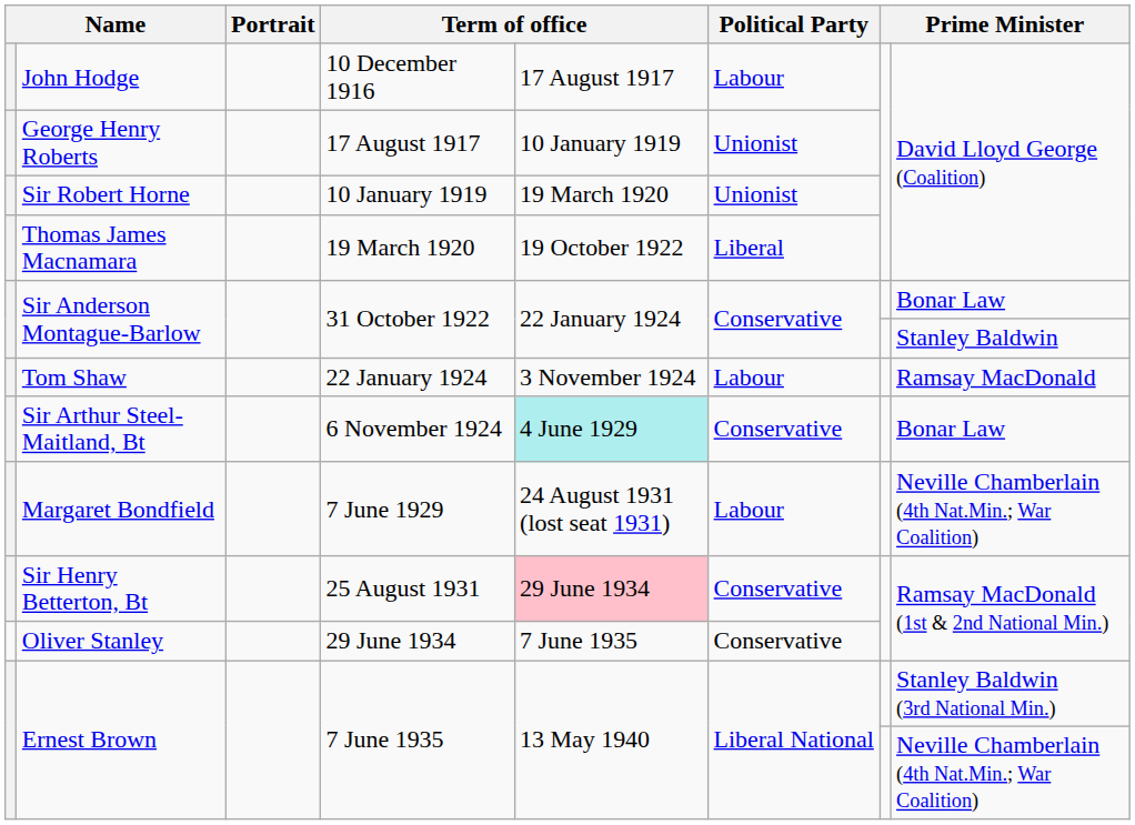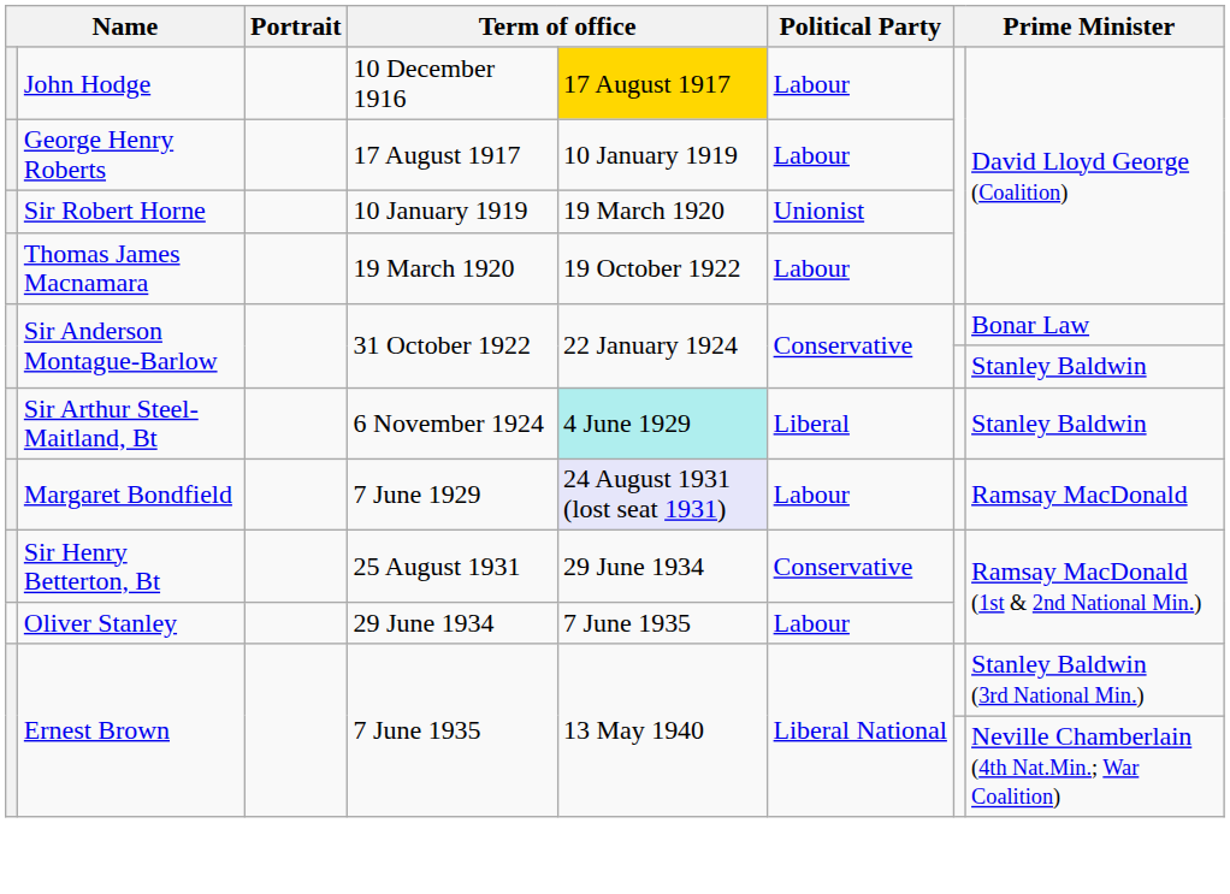 <table class="wikitable">
 <tr>
 <th colspan=2>Name</th>
 <th>Portrait</th>
 <th colspan=2>Term of office</th>
 <th>Political Party</th>
 <th colspan=2>Prime Minister</th>
 </tr>
 <tr>
 <th style="background-color: "></th>
 <td width=130><a href='#'>John Hodge</a></td>
 <td></td>
 <td width=120>10 December 1916</td>
-<td width=120>17 August 1917</td>
+<td width=120 style="background: gold;">17 August 1917</td>
 <td><a href='#'>Labour</a></td>
 <td rowspan=4 style="background-color: "></td>
 <td width=150 rowspan=4><a href='#'>David Lloyd George</a><br><small>(<a href='#'>Coalition</a>)</small></td>
 </tr>
 <tr>
 <th style="background-color: "></th>
 <td><a href='#'>George Henry Roberts</a></td>
 <td></td>
 <td>17 August 1917</td>
 <td>10 January 1919</td>
-<td><a href='#'>Unionist</a></td>
+<td><a href='#'>Labour</a></td>
 </tr>
 <tr>
 <th style="background-color: "></th>
 <td><a href='#'>Sir Robert Horne</a></td>
 <td></td>
 <td>10 January 1919</td>
 <td>19 March 1920</td>
 <td><a href='#'>Unionist</a></td>
 </tr>
 <tr>
 <th style="background-color: "></th>
 <td><a href='#'>Thomas James Macnamara</a></td>
 <td></td>
 <td>19 March 1920</td>
 <td>19 October 1922</td>
-<td><a href='#'>Liberal</a></td>
+<td><a href='#'>Labour</a></td>
 </tr>
 <tr>
 <th rowspan=2 style="background-color: "></th>
 <td rowspan=2><a href='#'>Sir Anderson Montague-Barlow</a></td>
 <td rowspan=2></td>
 <td rowspan=2>31 October 1922</td>
 <td rowspan=2>22 January 1924</td>
 <td rowspan=2><a href='#'>Conservative</a></td>
 <td style="background-color: "></td>
 <td><a href='#'>Bonar Law</a></td>
 </tr>
 <tr>
 <td style="background-color: "></td>
 <td><a href='#'>Stanley Baldwin</a></td>
 </tr>
 <tr>
 <th style="background-color: "></th>
-<td><a href='#'>Tom Shaw</a></td>
+<td><a href='#'>Sir Arthur Steel-Maitland, Bt</a></td>
 <td></td>
-<td>22 January 1924</td>
-<td>3 November 1924</td>
+<td>6 November 1924</td>
+<td style="background: paleturquoise;">4 June 1929</td>
+<td><a href='#'>Liberal</a></td>
+<td style="background-color: "></td>
+<td><a href='#'>Stanley Baldwin</a></td>
+</tr>
+<tr>
+<th style="background-color: "></th>
+<td><a href='#'>Margaret Bondfield</a></td>
+<td></td>
+<td>7 June 1929</td>
+<td style="background: lavender;">24 August 1931<br>(lost seat <a href='#'>1931</a>)</td>
 <td><a href='#'>Labour</a></td>
 <td style="background-color: "></td>
 <td><a href='#'>Ramsay MacDonald</a></td>
 </tr>
 <tr>
 <th style="background-color: "></th>
-<td><a href='#'>Sir Arthur Steel-Maitland, Bt</a></td>
-<td></td>
-<td>6 November 1924</td>
-<td style="background: paleturquoise;">4 June 1929</td>
-<td><a href='#'>Conservative</a></td>
-<td style="background-color: "></td>
-<td><a href='#'>Bonar Law</a></td>
-</tr>
-<tr>
-<th style="background-color: "></th>
-<td><a href='#'>Margaret Bondfield</a></td>
-<td></td>
-<td>7 June 1929</td>
-<td>24 August 1931<br>(lost seat <a href='#'>1931</a>)</td>
-<td><a href='#'>Labour</a></td>
-<td style="background-color: "></td>
-<td><a href='#'>Neville Chamberlain</a><br><small>(<a href='#'>4th Nat.Min.</a>; <a href='#'>War Coalition</a>)</small></td>
-</tr>
-<tr>
-<th style="background-color: "></th>
 <td><a href='#'>Sir Henry Betterton, Bt</a></td>
 <td></td>
 <td>25 August 1931</td>
-<td style="background: pink;">29 June 1934</td>
+<td>29 June 1934</td>
 <td><a href='#'>Conservative</a></td>
 <td rowspan=2 style="background-color: "></td>
 <td rowspan=2><a href='#'>Ramsay MacDonald</a><br><small>(<a href='#'>1st</a> & <a href='#'>2nd National Min.</a>)</small></td>
 </tr>
 <tr>
 <td style="background-color: "></td>
 <td><a href='#'>Oliver Stanley</a></td>
 <td></td>
 <td>29 June 1934</td>
 <td>7 June 1935</td>
-<td>Conservative</td>
+<td><a href='#'>Labour</a></td>
 </tr>
 <tr>
 <th rowspan=2 style="background-color: "></th>
 <td rowspan=2><a href='#'>Ernest Brown</a></td>
 <td rowspan=2></td>
 <td rowspan=2>7 June 1935</td>
 <td rowspan=2>13 May 1940</td>
 <td rowspan=2><a href='#'>Liberal National</a></td>
 <td style="background-color: "></td>
 <td><a href='#'>Stanley Baldwin</a><br><small>(<a href='#'>3rd National Min.</a>)</small></td>
 </tr>
 <tr>
 <td style="background-color: "></td>
 <td><a href='#'>Neville Chamberlain</a><br><small>(<a href='#'>4th Nat.Min.</a>; <a href='#'>War Coalition</a>)</small></td>
 </tr>
 </table>
